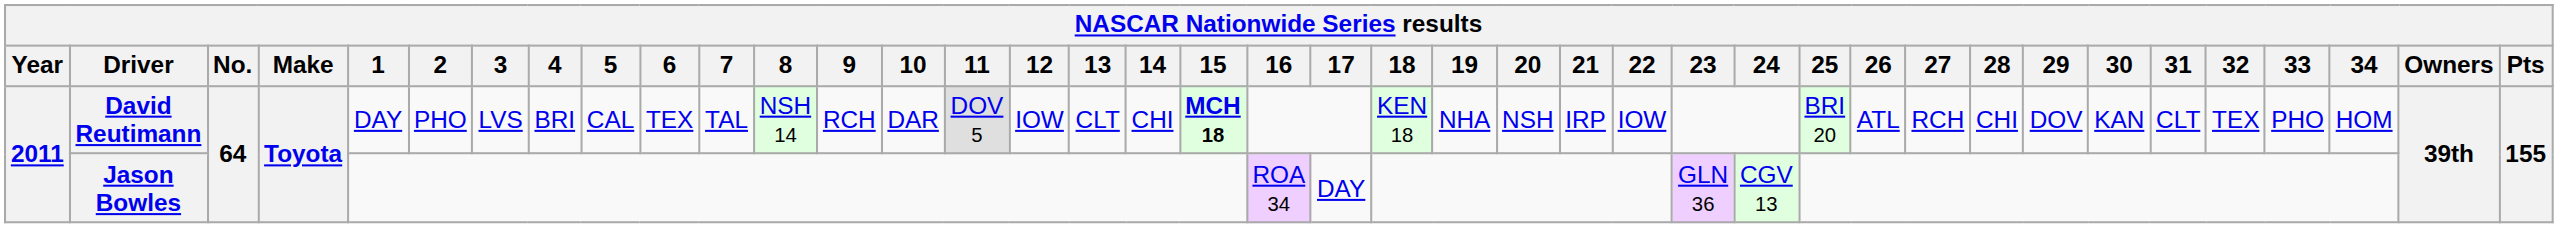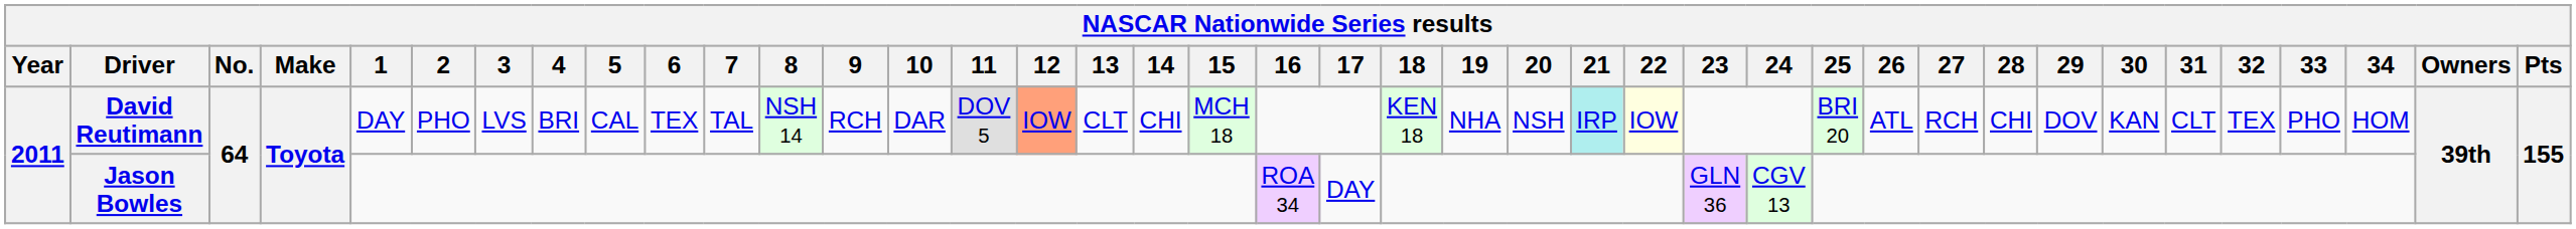 <table class="wikitable" style="text-align:center; font-size:75%">
 <tr>
 <th colspan=45><a href='#'>NASCAR Nationwide Series</a> results</th>
 </tr>
 <tr>
 <th>Year</th>
 <th>Driver</th>
 <th>No.</th>
 <th>Make</th>
 <th>1</th>
 <th>2</th>
 <th>3</th>
 <th>4</th>
 <th>5</th>
 <th>6</th>
 <th>7</th>
 <th>8</th>
 <th>9</th>
 <th>10</th>
 <th>11</th>
 <th>12</th>
 <th>13</th>
 <th>14</th>
 <th>15</th>
 <th>16</th>
 <th>17</th>
 <th>18</th>
 <th>19</th>
 <th>20</th>
 <th>21</th>
 <th>22</th>
 <th>23</th>
 <th>24</th>
 <th>25</th>
 <th>26</th>
 <th>27</th>
 <th>28</th>
 <th>29</th>
 <th>30</th>
 <th>31</th>
 <th>32</th>
 <th>33</th>
 <th>34</th>
 <th>Owners</th>
 <th>Pts</th>
 </tr>
 <tr>
 <th rowspan=2><a href='#'>2011</a></th>
 <th><a href='#'>David Reutimann</a></th>
 <th rowspan=2>64</th>
 <th rowspan=2><a href='#'>Toyota</a></th>
 <td><a href='#'>DAY</a></td>
 <td><a href='#'>PHO</a></td>
 <td><a href='#'>LVS</a></td>
 <td><a href='#'>BRI</a></td>
 <td><a href='#'>CAL</a></td>
 <td><a href='#'>TEX</a></td>
 <td><a href='#'>TAL</a></td>
 <td style="background:#DFFFDF;"><a href='#'>NSH</a><br><small>14</small></td>
 <td><a href='#'>RCH</a></td>
 <td><a href='#'>DAR</a></td>
 <td style="background:#DFDFDF;"><a href='#'>DOV</a><br><small>5</small></td>
-<td><a href='#'>IOW</a></td>
+<td style="background: lightsalmon;"><a href='#'>IOW</a></td>
 <td><a href='#'>CLT</a></td>
 <td><a href='#'>CHI</a></td>
-<td style="background:#DFFFDF;"><strong><a href='#'>MCH</a><br><small>18</small></strong></td>
+<td style="background:#DFFFDF;"><a href='#'>MCH</a><br><small>18</small></td>
 <td colspan=2></td>
 <td style="background:#DFFFDF;"><a href='#'>KEN</a><br><small>18</small></td>
 <td><a href='#'>NHA</a></td>
 <td><a href='#'>NSH</a></td>
-<td><a href='#'>IRP</a></td>
-<td><a href='#'>IOW</a></td>
+<td style="background: paleturquoise;"><a href='#'>IRP</a></td>
+<td style="background: lightyellow;"><a href='#'>IOW</a></td>
 <td colspan=2></td>
 <td style="background:#DFFFDF;"><a href='#'>BRI</a><br><small>20</small></td>
 <td><a href='#'>ATL</a></td>
 <td><a href='#'>RCH</a></td>
 <td><a href='#'>CHI</a></td>
 <td><a href='#'>DOV</a></td>
 <td><a href='#'>KAN</a></td>
 <td><a href='#'>CLT</a></td>
 <td><a href='#'>TEX</a></td>
 <td><a href='#'>PHO</a></td>
 <td><a href='#'>HOM</a></td>
 <th rowspan=2>39th</th>
 <th rowspan=2>155</th>
 </tr>
 <tr>
 <th><a href='#'>Jason Bowles</a></th>
 <td colspan=15></td>
 <td style="background:#EFCFFF;"><a href='#'>ROA</a><br><small>34</small></td>
 <td><a href='#'>DAY</a></td>
 <td colspan=5></td>
 <td style="background:#EFCFFF;"><a href='#'>GLN</a><br><small>36</small></td>
 <td style="background:#DFFFDF;"><a href='#'>CGV</a><br><small>13</small></td>
 <td colspan=10></td>
 </tr>
 </table>
